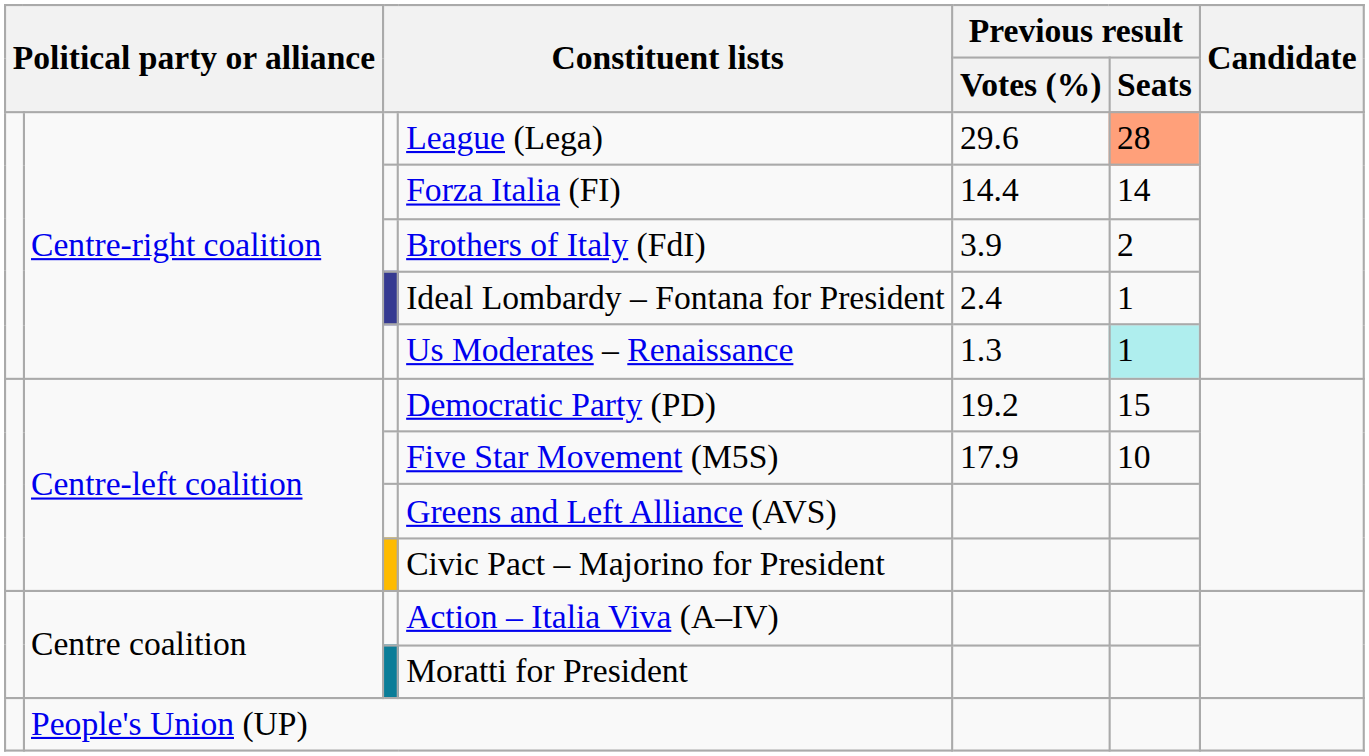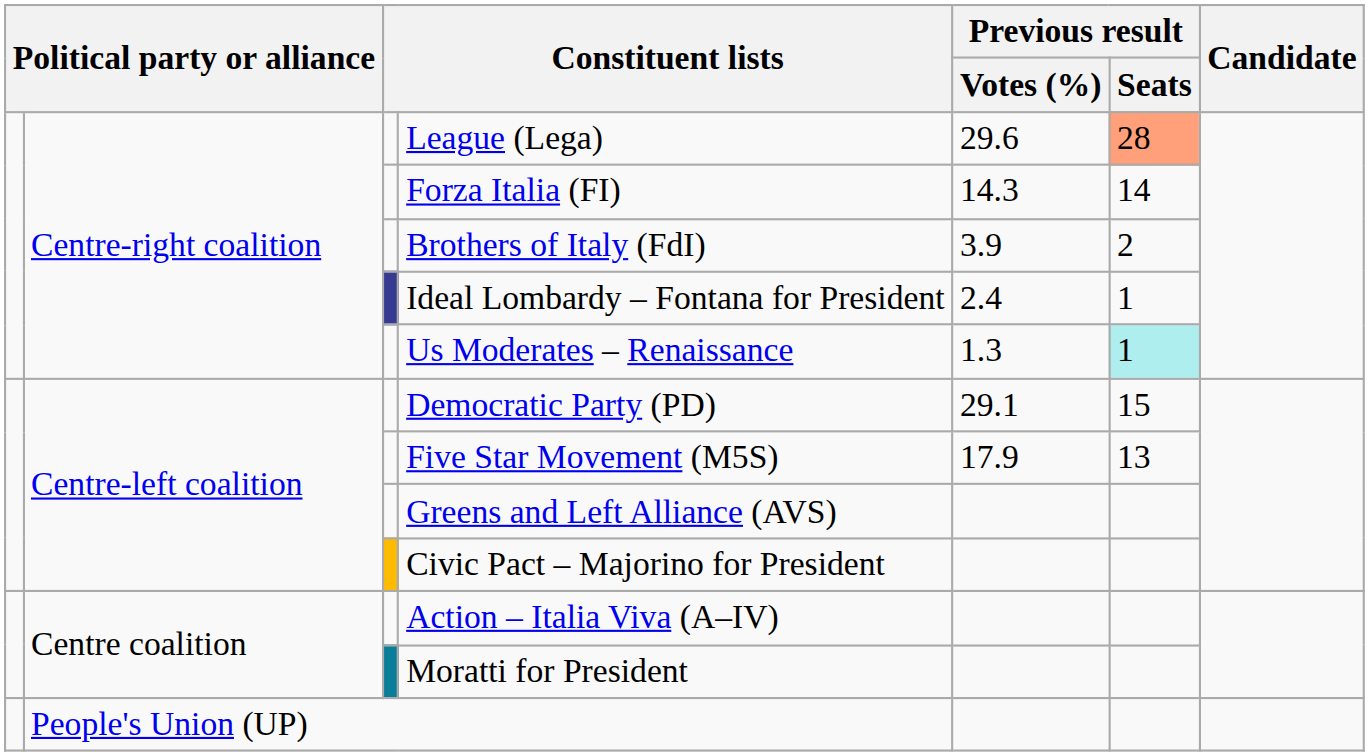 <table class="wikitable" style="text-align:left">
 <tr>
 <th colspan=2 rowspan="2">Political party or alliance</th>
 <th colspan=2 rowspan="2">Constituent lists</th>
 <th colspan="2">Previous result</th>
 <th rowspan="2">Candidate</th>
 </tr>
 <tr>
 <th>Votes (%)</th>
 <th>Seats</th>
 </tr>
 <tr>
 <td rowspan="5" style="background:"></td>
 <td rowspan=5><a href='#'>Centre-right coalition</a></td>
 <td></td>
 <td style="text-align:left;"><a href='#'>League</a> (Lega)</td>
 <td>29.6</td>
 <td style="background: lightsalmon;">28</td>
 <td rowspan="5"></td>
 </tr>
 <tr>
 <td></td>
 <td style="text-align:left;"><a href='#'>Forza Italia</a> (FI)</td>
-<td>14.4</td>
+<td>14.3</td>
 <td>14</td>
 </tr>
 <tr>
 <td></td>
 <td style="text-align:left;"><a href='#'>Brothers of Italy</a>  (FdI)</td>
 <td>3.9</td>
 <td>2</td>
 </tr>
 <tr>
 <td bgcolor="#363A91"></td>
 <td style="text-align:left;">Ideal Lombardy – Fontana for President</td>
 <td>2.4</td>
 <td>1</td>
 </tr>
 <tr>
 <td></td>
 <td style="text-align:left;"><a href='#'>Us Moderates</a> – <a href='#'>Renaissance</a></td>
 <td>1.3</td>
 <td style="background: paleturquoise;">1</td>
 </tr>
 <tr>
 <td rowspan="4"></td>
 <td rowspan="4"><a href='#'>Centre-left coalition</a></td>
 <td></td>
 <td style="text-align:left;"><a href='#'>Democratic Party</a> (PD)</td>
-<td>19.2</td>
+<td>29.1</td>
 <td>15</td>
 <td rowspan="4"></td>
 </tr>
 <tr>
 <td></td>
 <td><a href='#'>Five Star Movement</a> (M5S)</td>
 <td>17.9</td>
-<td>10</td>
+<td>13</td>
 </tr>
 <tr>
 <td></td>
 <td><a href='#'>Greens and Left Alliance</a> (AVS)</td>
 <td></td>
 <td></td>
 </tr>
 <tr>
 <td bgcolor="#FEBB00"></td>
 <td>Civic Pact – Majorino for President</td>
 <td></td>
 <td></td>
 </tr>
 <tr>
 <td rowspan="2"></td>
 <td rowspan="2">Centre coalition</td>
 <td></td>
 <td><a href='#'>Action – Italia Viva</a> (A–IV)</td>
 <td></td>
 <td></td>
 <td rowspan="2"></td>
 </tr>
 <tr>
 <td bgcolor="#0A7D98"></td>
 <td>Moratti for President</td>
 <td></td>
 <td></td>
 </tr>
 <tr>
 <td></td>
 <td colspan="3"><a href='#'>People's Union</a> (UP)</td>
 <td></td>
 <td></td>
 <td></td>
 </tr>
 </table>
